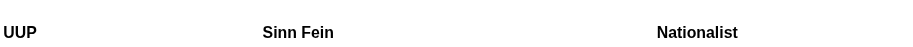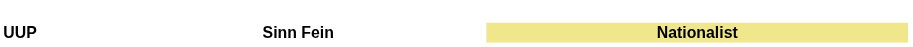 <table style="width:50%; text-align:center;">
 <tr style="color:white;">
 <td style="background:"><strong>40</strong></td>
 <td style="background:"><strong>6</strong></td>
 <td style="background:"><strong>6</strong></td>
 </tr>
 <tr>
 <td><span><strong>UUP</strong></span></td>
 <td><span><strong>Sinn Fein</strong></span></td>
-<td><span><strong>Nationalist </strong></span></td>
+<td style="background: khaki;"><span><strong>Nationalist </strong></span></td>
 </tr>
 </table>
